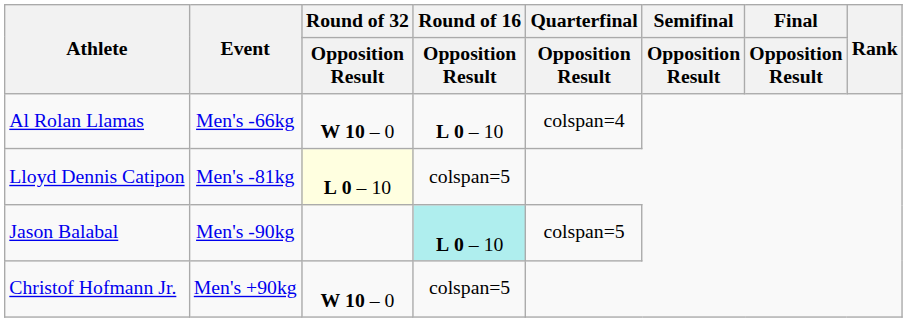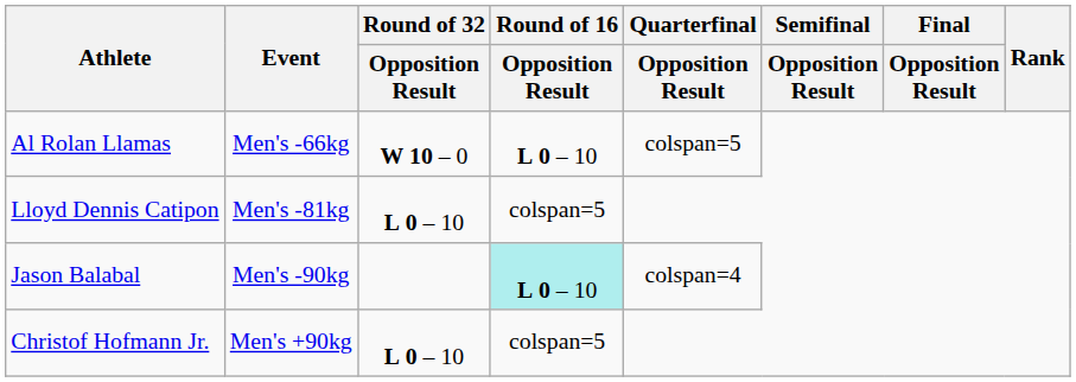 <table class=wikitable style="text-align:center; font-size:90%">
 <tr>
 <th rowspan=2>Athlete</th>
 <th rowspan=2>Event</th>
 <th>Round of 32</th>
 <th>Round of 16</th>
 <th>Quarterfinal</th>
 <th>Semifinal</th>
 <th>Final</th>
 <th rowspan=2>Rank</th>
 </tr>
 <tr>
 <th>Opposition<br>Result</th>
 <th>Opposition<br>Result</th>
 <th>Opposition<br>Result</th>
 <th>Opposition<br>Result</th>
 <th>Opposition<br>Result</th>
 </tr>
 <tr>
 <td align=left><a href='#'>Al Rolan Llamas</a></td>
 <td><a href='#'>Men's -66kg</a></td>
 <td align=center> <br> <strong>W</strong> <strong>10</strong> – 0</td>
 <td align=center> <br> <strong>L</strong> <strong>0</strong> – 10</td>
-<td>colspan=4 </td>
+<td>colspan=5 </td>
 </tr>
 <tr>
 <td align=left><a href='#'>Lloyd Dennis Catipon</a></td>
 <td><a href='#'>Men's -81kg</a></td>
-<td align=center style="background: lightyellow;"> <br> <strong>L</strong> <strong>0</strong> – 10</td>
+<td align=center> <br> <strong>L</strong> <strong>0</strong> – 10</td>
 <td>colspan=5 </td>
 </tr>
 <tr>
 <td align=left><a href='#'>Jason Balabal</a></td>
 <td><a href='#'>Men's -90kg</a></td>
 <td></td>
 <td align=center style="background: paleturquoise;"> <br> <strong>L</strong> <strong>0</strong> – 10</td>
-<td>colspan=5 </td>
+<td>colspan=4 </td>
 </tr>
 <tr>
 <td align=left><a href='#'>Christof Hofmann Jr.</a></td>
 <td><a href='#'>Men's +90kg</a></td>
-<td align=center> <br> <strong>W</strong> <strong>10</strong> – 0</td>
+<td align=center> <br> <strong>L</strong> <strong>0</strong> – 10</td>
 <td>colspan=5 </td>
 </tr>
 </table>
